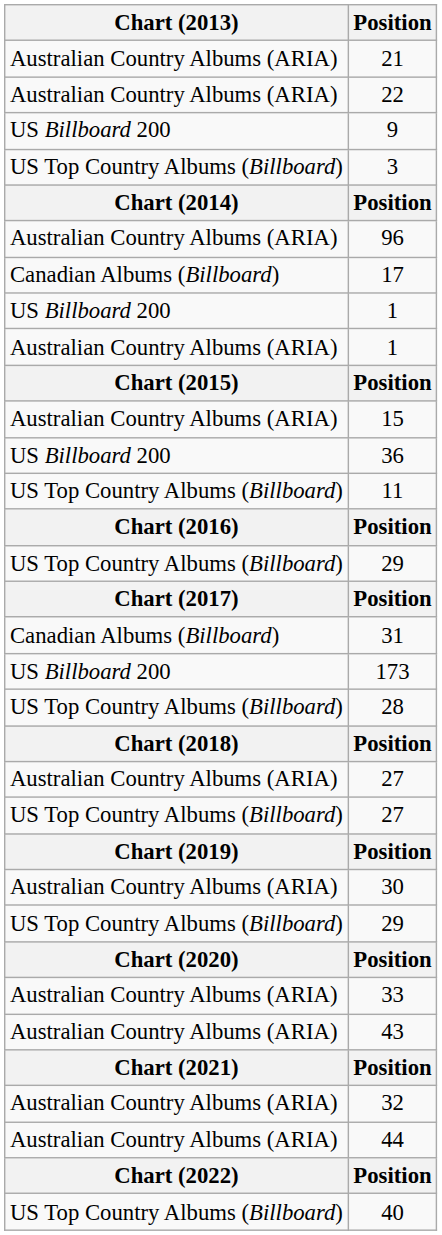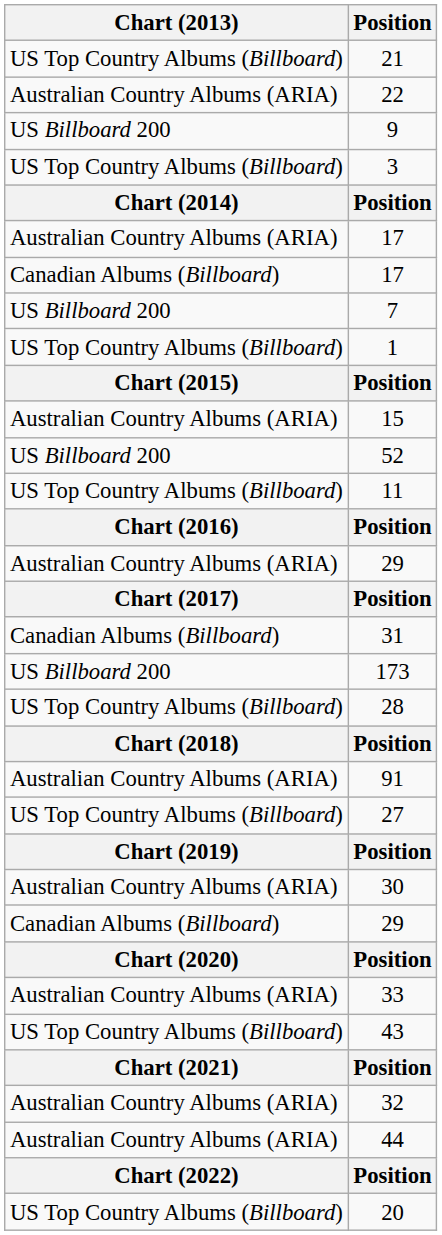 <table class="wikitable">
 <tr>
 <th>Chart (2013)</th>
 <th>Position</th>
 </tr>
 <tr>
-<td>Australian Country Albums (ARIA)</td>
+<td>US Top Country Albums (<em>Billboard</em>)</td>
 <td style="text-align:center;">21</td>
 </tr>
 <tr>
 <td>Australian Country Albums (ARIA)</td>
 <td style="text-align:center;">22</td>
 </tr>
 <tr>
 <td>US <em>Billboard</em> 200</td>
 <td style="text-align:center;">9</td>
 </tr>
 <tr>
 <td>US Top Country Albums (<em>Billboard</em>)</td>
 <td style="text-align:center;">3</td>
 </tr>
 <tr>
 <th>Chart (2014)</th>
 <th>Position</th>
 </tr>
 <tr>
 <td>Australian Country Albums (ARIA)</td>
-<td style="text-align:center;">96</td>
+<td style="text-align:center;">17</td>
 </tr>
 <tr>
 <td>Canadian Albums (<em>Billboard</em>)</td>
 <td style="text-align:center;">17</td>
 </tr>
 <tr>
 <td>US <em>Billboard</em> 200</td>
-<td style="text-align:center;">1</td>
+<td style="text-align:center;">7</td>
 </tr>
 <tr>
-<td>Australian Country Albums (ARIA)</td>
+<td>US Top Country Albums (<em>Billboard</em>)</td>
 <td style="text-align:center;">1</td>
 </tr>
 <tr>
 <th>Chart (2015)</th>
 <th>Position</th>
 </tr>
 <tr>
 <td>Australian Country Albums (ARIA)</td>
 <td style="text-align:center;">15</td>
 </tr>
 <tr>
 <td>US <em>Billboard</em> 200</td>
-<td style="text-align:center;">36</td>
+<td style="text-align:center;">52</td>
 </tr>
 <tr>
 <td>US Top Country Albums (<em>Billboard</em>)</td>
 <td style="text-align:center;">11</td>
 </tr>
 <tr>
 <th>Chart (2016)</th>
 <th>Position</th>
 </tr>
 <tr>
-<td>US Top Country Albums (<em>Billboard</em>)</td>
+<td>Australian Country Albums (ARIA)</td>
 <td style="text-align:center;">29</td>
 </tr>
 <tr>
 <th>Chart (2017)</th>
 <th>Position</th>
 </tr>
 <tr>
 <td>Canadian Albums (<em>Billboard</em>)</td>
 <td style="text-align:center;">31</td>
 </tr>
 <tr>
 <td>US <em>Billboard</em> 200</td>
 <td style="text-align:center;">173</td>
 </tr>
 <tr>
 <td>US Top Country Albums (<em>Billboard</em>)</td>
 <td style="text-align:center;">28</td>
 </tr>
 <tr>
 <th>Chart (2018)</th>
 <th>Position</th>
 </tr>
 <tr>
 <td>Australian Country Albums (ARIA)</td>
-<td style="text-align:center;">27</td>
+<td style="text-align:center;">91</td>
 </tr>
 <tr>
 <td>US Top Country Albums (<em>Billboard</em>)</td>
 <td style="text-align:center;">27</td>
 </tr>
 <tr>
 <th>Chart (2019)</th>
 <th>Position</th>
 </tr>
 <tr>
 <td>Australian Country Albums (ARIA)</td>
 <td style="text-align:center;">30</td>
 </tr>
 <tr>
-<td>US Top Country Albums (<em>Billboard</em>)</td>
+<td>Canadian Albums (<em>Billboard</em>)</td>
 <td style="text-align:center;">29</td>
 </tr>
 <tr>
 <th>Chart (2020)</th>
 <th>Position</th>
 </tr>
 <tr>
 <td>Australian Country Albums (ARIA)</td>
 <td style="text-align:center;">33</td>
 </tr>
 <tr>
-<td>Australian Country Albums (ARIA)</td>
+<td>US Top Country Albums (<em>Billboard</em>)</td>
 <td style="text-align:center;">43</td>
 </tr>
 <tr>
 <th>Chart (2021)</th>
 <th>Position</th>
 </tr>
 <tr>
 <td>Australian Country Albums (ARIA)</td>
 <td style="text-align:center;">32</td>
 </tr>
 <tr>
 <td>Australian Country Albums (ARIA)</td>
 <td style="text-align:center;">44</td>
 </tr>
 <tr>
 <th>Chart (2022)</th>
 <th>Position</th>
 </tr>
 <tr>
 <td>US Top Country Albums (<em>Billboard</em>)</td>
-<td style="text-align:center;">40</td>
+<td style="text-align:center;">20</td>
 </tr>
 </table>
